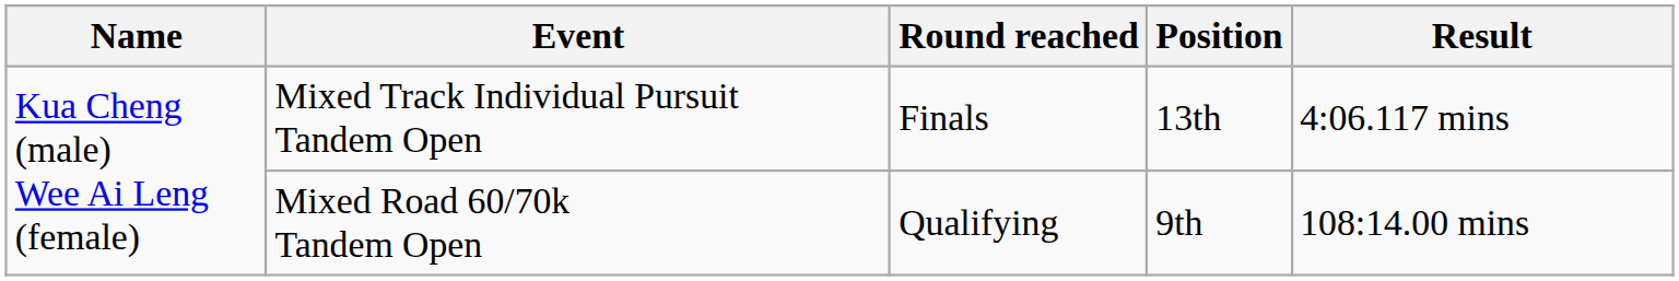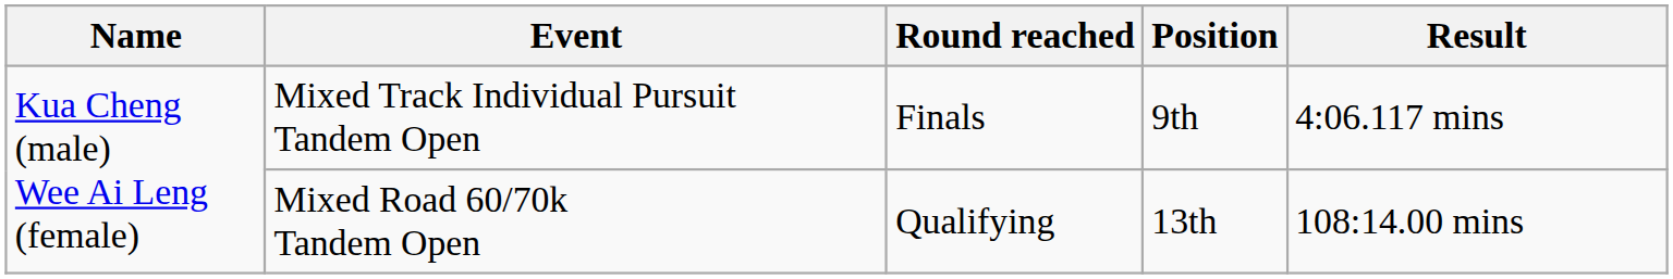 <table class="wikitable sortable"  style="font-size:95%; margin-left: auto; margin-right: auto; border: none;">
 <tr>
 <th scope="col" style="width: 100px;">Name</th>
 <th scope="col" style="width: 250px;">Event</th>
 <th>Round reached</th>
 <th>Position</th>
 <th scope="col" style="width: 150px;">Result</th>
 </tr>
 <tr>
 <td rowspan="2"><a href='#'>Kua Cheng</a><br>(male)<br><a href='#'>Wee Ai Leng</a><br>(female)</td>
 <td>Mixed Track Individual Pursuit<br>Tandem Open</td>
 <td>Finals</td>
-<td>13th</td>
+<td>9th</td>
 <td>4:06.117 mins </td>
 </tr>
 <tr>
 <td>Mixed Road 60/70k<br>Tandem Open</td>
 <td>Qualifying</td>
-<td>9th</td>
+<td>13th</td>
 <td>108:14.00	 mins </td>
 </tr>
 <tr>
 </tr>
 </table>
